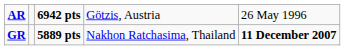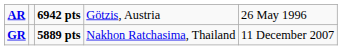 <table class="wikitable" style="font-size:95%; position:relative;">
 <tr>
 <td align=center><strong><a href='#'>AR</a></strong></td>
 <td></td>
 <td><strong>6942 pts</strong></td>
 <td><a href='#'>Götzis</a>, Austria</td>
 <td>26 May 1996</td>
 </tr>
 <tr>
 <td align=center><strong><a href='#'>GR</a></strong></td>
 <td></td>
 <td><strong>5889 pts</strong></td>
 <td><a href='#'>Nakhon Ratchasima</a>, Thailand</td>
-<td><strong>11 December 2007</strong></td>
+<td>11 December 2007</td>
 </tr>
 </table>
